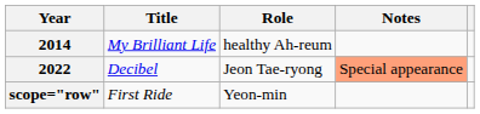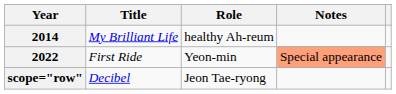 <table class="wikitable plainrowheaders sortable">
 <tr>
 <th scope="col">Year</th>
 <th scope="col">Title</th>
 <th scope="col">Role</th>
 <th scope="col" class="unsortable">Notes</th>
 <th scope="col" class="unsortable"></th>
 </tr>
 <tr>
 <th scope="row">2014</th>
 <td><em><a href='#'>My Brilliant Life</a></em></td>
 <td>healthy Ah-reum</td>
 <td></td>
 <td style="text-align:center"></td>
 </tr>
 <tr>
 <th scope="row">2022</th>
-<td><em><a href='#'>Decibel</a></em></td>
-<td>Jeon Tae-ryong</td>
+<td><em>First Ride</em></td>
+<td>Yeon-min</td>
 <td style="background: lightsalmon;">Special appearance</td>
 <td style="text-align:center"></td>
 </tr>
 <tr>
 <th>scope="row" </th>
-<td><em>First Ride</em></td>
-<td>Yeon-min</td>
+<td><em><a href='#'>Decibel</a></em></td>
+<td>Jeon Tae-ryong</td>
 <td></td>
 <td style="text-align:center"></td>
 </tr>
 </table>
